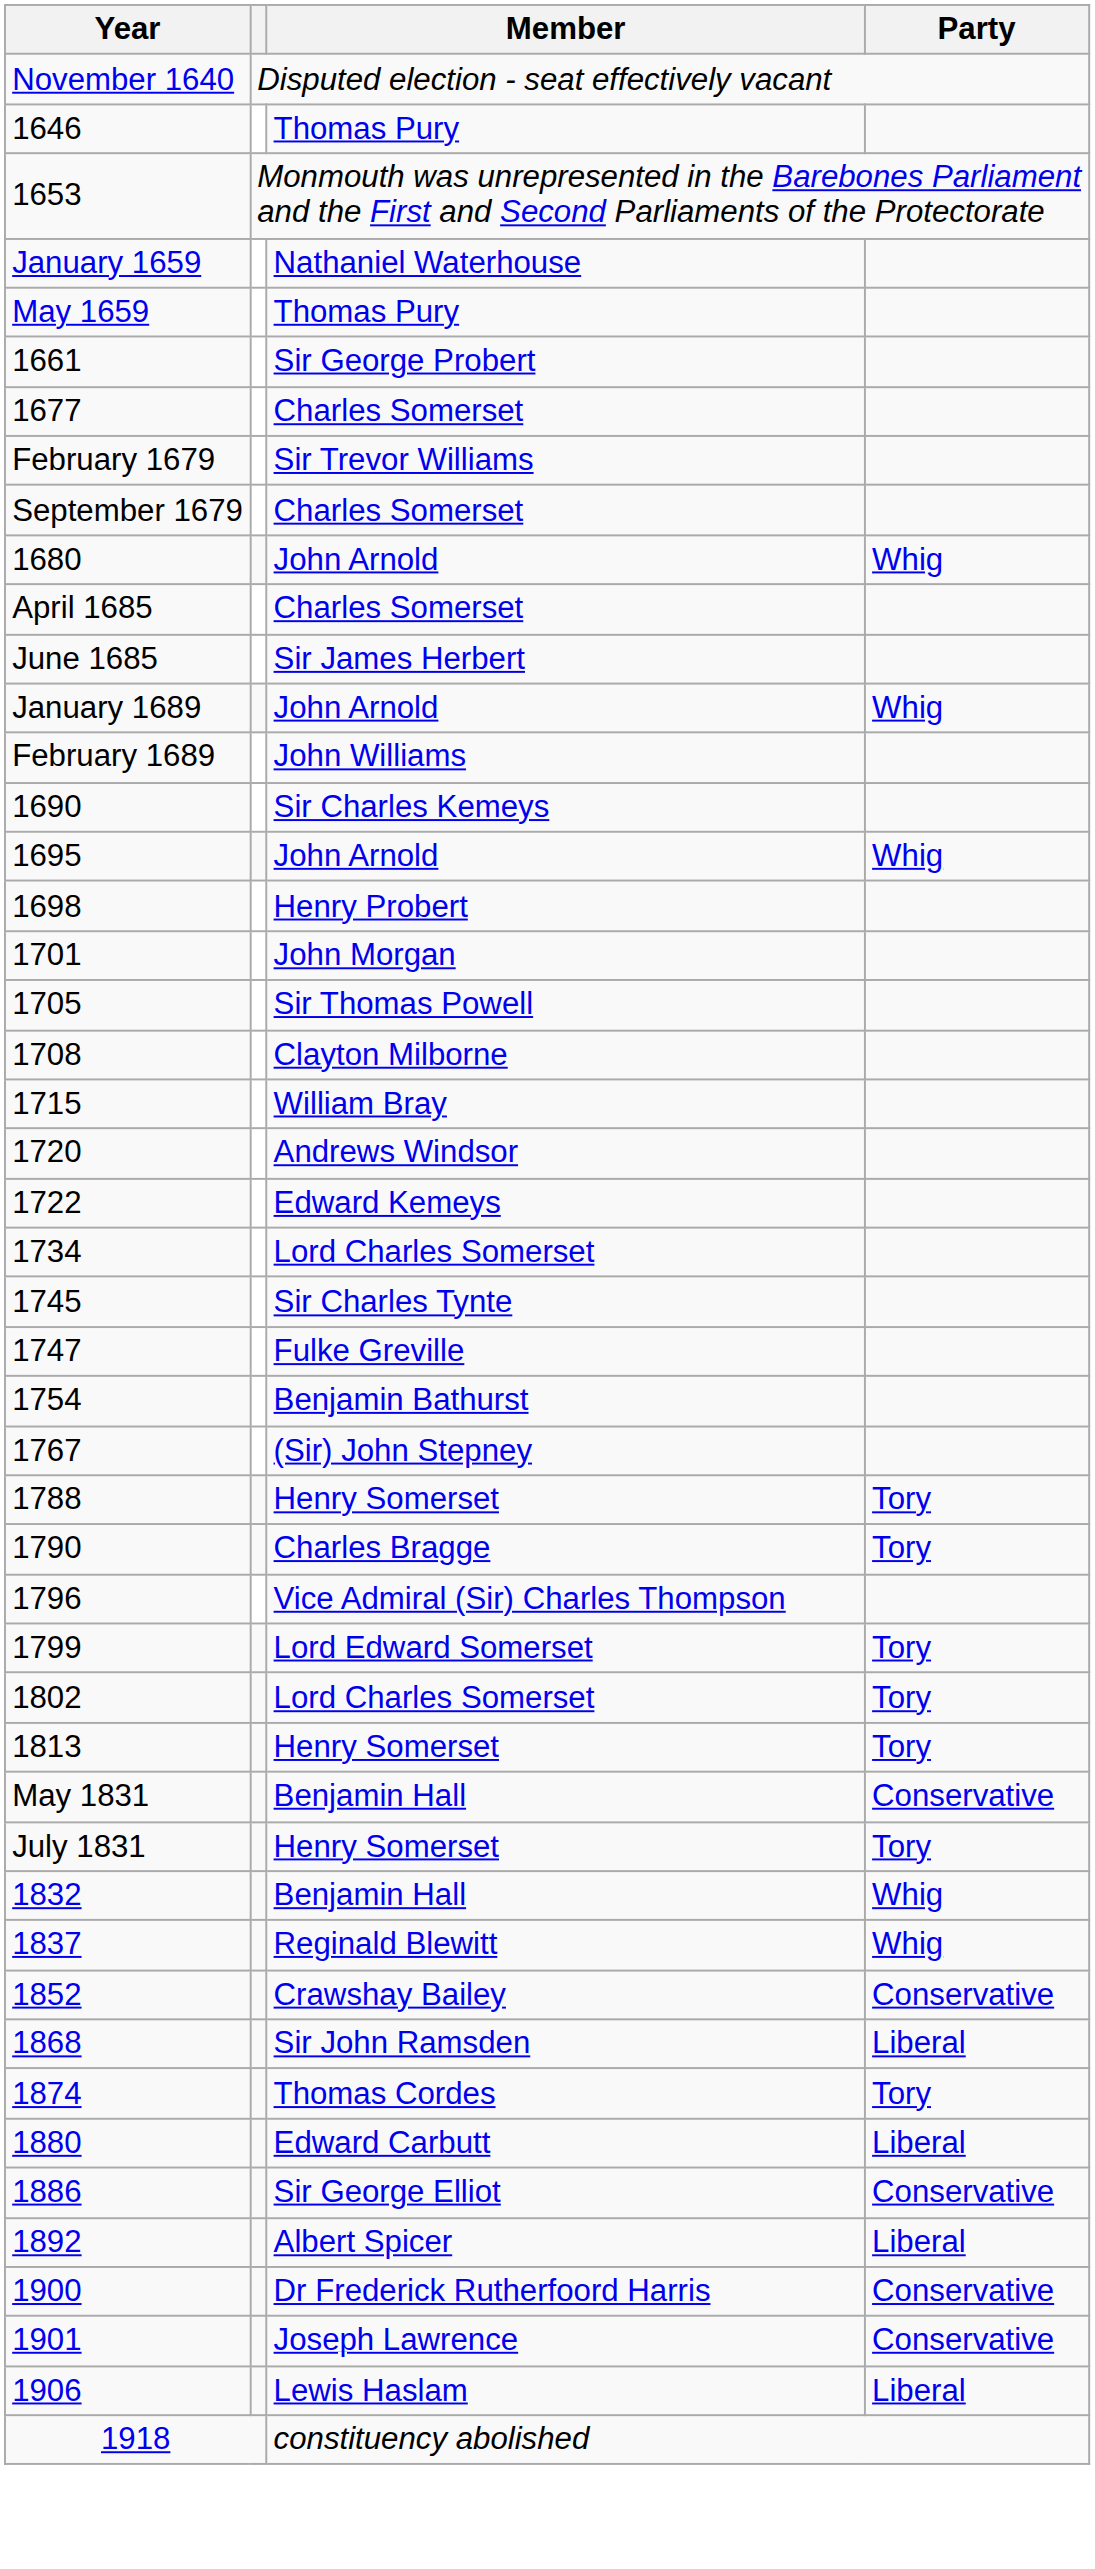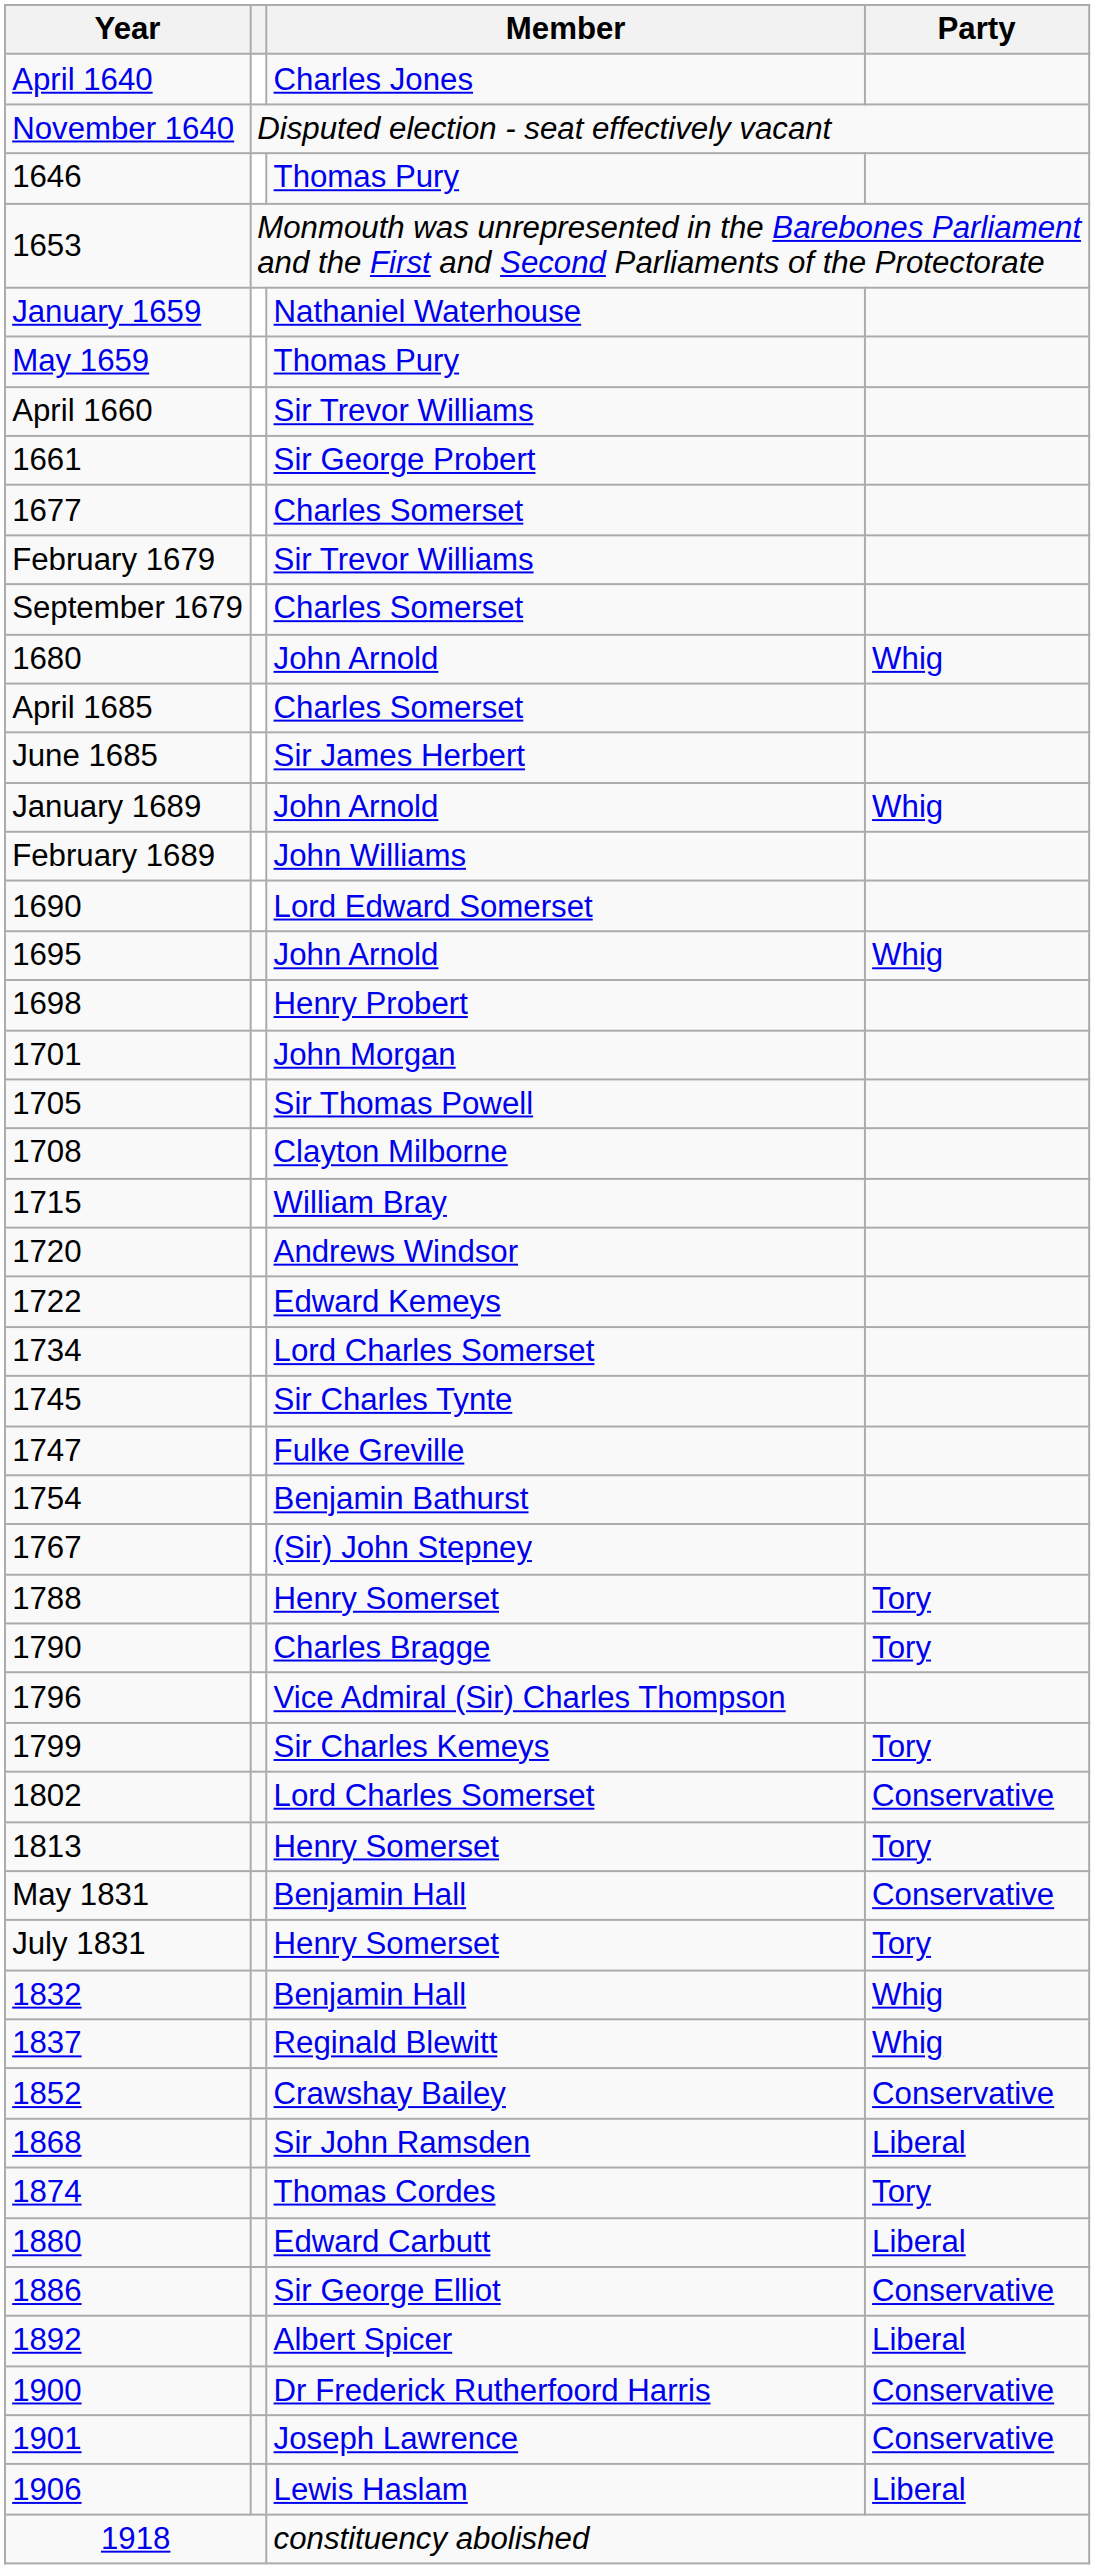 <table class="wikitable">
 <tr>
 <th>Year</th>
 <th></th>
 <th>Member</th>
 <th>Party</th>
+</tr>
+<tr>
+<td><a href='#'>April 1640</a></td>
+<td style="color:inherit;background-color: white"></td>
+<td><a href='#'>Charles Jones</a></td>
+<td></td>
 </tr>
 <tr>
 <td><a href='#'>November 1640</a></td>
 <td colspan="3"><em>Disputed election - seat effectively vacant</em> </td>
 </tr>
 <tr>
 <td>1646</td>
 <td style="color:inherit;background-color: white"></td>
 <td><a href='#'>Thomas Pury</a></td>
 <td></td>
 </tr>
 <tr>
 <td>1653</td>
 <td colspan="3"><em>Monmouth was unrepresented in the <a href='#'>Barebones Parliament</a> <br>and the <a href='#'>First</a> and <a href='#'>Second</a> Parliaments of the Protectorate</em></td>
 </tr>
 <tr>
 <td><a href='#'>January 1659</a></td>
 <td style="color:inherit;background-color: white"></td>
 <td><a href='#'>Nathaniel Waterhouse</a></td>
 <td></td>
 </tr>
 <tr>
 <td><a href='#'>May 1659</a></td>
 <td style="color:inherit;background-color: white"></td>
 <td><a href='#'>Thomas Pury</a></td>
+<td></td>
+</tr>
+<tr>
+<td>April 1660</td>
+<td style="color:inherit;background-color: white"></td>
+<td><a href='#'>Sir Trevor Williams</a></td>
 <td></td>
 </tr>
 <tr>
 <td>1661</td>
 <td style="color:inherit;background-color: white"></td>
 <td><a href='#'>Sir George Probert</a></td>
 <td></td>
 </tr>
 <tr>
 <td>1677</td>
 <td style="color:inherit;background-color: white"></td>
 <td><a href='#'>Charles Somerset</a></td>
 <td></td>
 </tr>
 <tr>
 <td>February 1679</td>
 <td style="color:inherit;background-color: white"></td>
 <td><a href='#'>Sir Trevor Williams</a></td>
 <td></td>
 </tr>
 <tr>
 <td>September 1679</td>
 <td style="color:inherit;background-color: white"></td>
 <td><a href='#'>Charles Somerset</a></td>
 <td></td>
 </tr>
 <tr>
 <td>1680</td>
 <td style="color:inherit;background-color: "></td>
 <td><a href='#'>John Arnold</a></td>
 <td><a href='#'>Whig</a></td>
 </tr>
 <tr>
 <td>April 1685</td>
 <td style="color:inherit;background-color: white"></td>
 <td><a href='#'>Charles Somerset</a></td>
 <td></td>
 </tr>
 <tr>
 <td>June 1685</td>
 <td style="color:inherit;background-color: white"></td>
 <td><a href='#'>Sir James Herbert</a></td>
 <td></td>
 </tr>
 <tr>
 <td>January 1689</td>
 <td style="color:inherit;background-color: "></td>
 <td><a href='#'>John Arnold</a></td>
 <td><a href='#'>Whig</a></td>
 </tr>
 <tr>
 <td>February 1689</td>
 <td style="color:inherit;background-color: white"></td>
 <td><a href='#'>John Williams</a></td>
 <td></td>
 </tr>
 <tr>
 <td>1690</td>
 <td style="color:inherit;background-color: white"></td>
-<td><a href='#'>Sir Charles Kemeys</a></td>
+<td><a href='#'>Lord Edward Somerset</a></td>
 <td></td>
 </tr>
 <tr>
 <td>1695</td>
 <td style="color:inherit;background-color: "></td>
 <td><a href='#'>John Arnold</a></td>
 <td><a href='#'>Whig</a></td>
 </tr>
 <tr>
 <td>1698</td>
 <td style="color:inherit;background-color: white"></td>
 <td><a href='#'>Henry Probert</a></td>
 <td></td>
 </tr>
 <tr>
 <td>1701</td>
 <td style="color:inherit;background-color: white"></td>
 <td><a href='#'>John Morgan</a></td>
 <td></td>
 </tr>
 <tr>
 <td>1705</td>
 <td style="color:inherit;background-color: white"></td>
 <td><a href='#'>Sir Thomas Powell</a></td>
 <td></td>
 </tr>
 <tr>
 <td>1708</td>
 <td style="color:inherit;background-color: white"></td>
 <td><a href='#'>Clayton Milborne</a></td>
 <td></td>
 </tr>
 <tr>
 <td>1715</td>
 <td style="color:inherit;background-color: white"></td>
 <td><a href='#'>William Bray</a></td>
 <td></td>
 </tr>
 <tr>
 <td>1720</td>
 <td style="color:inherit;background-color: white"></td>
 <td><a href='#'>Andrews Windsor</a></td>
 <td></td>
 </tr>
 <tr>
 <td>1722</td>
 <td style="color:inherit;background-color: white"></td>
 <td><a href='#'>Edward Kemeys</a></td>
 <td></td>
 </tr>
 <tr>
 <td>1734</td>
 <td style="color:inherit;background-color: white"></td>
 <td><a href='#'>Lord Charles Somerset</a></td>
 <td></td>
 </tr>
 <tr>
 <td>1745</td>
 <td style="color:inherit;background-color: white"></td>
 <td><a href='#'>Sir Charles Tynte</a></td>
 <td></td>
 </tr>
 <tr>
 <td>1747</td>
 <td style="color:inherit;background-color: white"></td>
 <td><a href='#'>Fulke Greville</a></td>
 <td></td>
 </tr>
 <tr>
 <td>1754</td>
 <td style="color:inherit;background-color: white"></td>
 <td><a href='#'>Benjamin Bathurst</a></td>
 <td></td>
 </tr>
 <tr>
 <td>1767</td>
 <td style="color:inherit;background-color: white"></td>
 <td><a href='#'>(Sir) John Stepney</a></td>
 <td></td>
 </tr>
 <tr>
 <td>1788</td>
 <td style="color:inherit;background-color: "></td>
 <td><a href='#'>Henry Somerset</a></td>
 <td><a href='#'>Tory</a></td>
 </tr>
 <tr>
 <td>1790</td>
 <td style="color:inherit;background-color: "></td>
 <td><a href='#'>Charles Bragge</a></td>
 <td><a href='#'>Tory</a></td>
 </tr>
 <tr>
 <td>1796</td>
 <td style="color:inherit;background-color: white"></td>
 <td><a href='#'>Vice Admiral (Sir) Charles Thompson</a></td>
 <td></td>
 </tr>
 <tr>
 <td>1799</td>
 <td style="color:inherit;background-color: "></td>
-<td><a href='#'>Lord Edward Somerset</a></td>
+<td><a href='#'>Sir Charles Kemeys</a></td>
 <td><a href='#'>Tory</a></td>
 </tr>
 <tr>
 <td>1802</td>
 <td style="color:inherit;background-color: "></td>
 <td><a href='#'>Lord Charles Somerset</a></td>
-<td><a href='#'>Tory</a></td>
+<td><a href='#'>Conservative</a></td>
 </tr>
 <tr>
 <td>1813</td>
 <td style="color:inherit;background-color: "></td>
 <td><a href='#'>Henry Somerset</a></td>
 <td><a href='#'>Tory</a></td>
 </tr>
 <tr>
 <td>May 1831</td>
 <td style="color:inherit;background-color: "></td>
 <td><a href='#'>Benjamin Hall</a></td>
 <td><a href='#'>Conservative</a></td>
 </tr>
 <tr>
 <td>July 1831</td>
 <td style="color:inherit;background-color: "></td>
 <td><a href='#'>Henry Somerset</a></td>
 <td><a href='#'>Tory</a></td>
 </tr>
 <tr>
 <td><a href='#'>1832</a></td>
 <td style="color:inherit;background-color: "></td>
 <td><a href='#'>Benjamin Hall</a></td>
 <td><a href='#'>Whig</a></td>
 </tr>
 <tr>
 <td><a href='#'>1837</a></td>
 <td style="color:inherit;background-color: "></td>
 <td><a href='#'>Reginald Blewitt</a></td>
 <td><a href='#'>Whig</a></td>
 </tr>
 <tr>
 <td><a href='#'>1852</a></td>
 <td style="color:inherit;background-color: "></td>
 <td><a href='#'>Crawshay Bailey</a></td>
 <td><a href='#'>Conservative</a></td>
 </tr>
 <tr>
 <td><a href='#'>1868</a></td>
 <td style="color:inherit;background-color: "></td>
 <td><a href='#'>Sir John Ramsden</a></td>
 <td><a href='#'>Liberal</a></td>
 </tr>
 <tr>
 <td><a href='#'>1874</a></td>
 <td style="color:inherit;background-color: "></td>
 <td><a href='#'>Thomas Cordes</a></td>
 <td><a href='#'>Tory</a></td>
 </tr>
 <tr>
 <td><a href='#'>1880</a></td>
 <td style="color:inherit;background-color: "></td>
 <td><a href='#'>Edward Carbutt</a></td>
 <td><a href='#'>Liberal</a></td>
 </tr>
 <tr>
 <td><a href='#'>1886</a></td>
 <td style="color:inherit;background-color: "></td>
 <td><a href='#'>Sir George Elliot</a></td>
 <td><a href='#'>Conservative</a></td>
 </tr>
 <tr>
 <td><a href='#'>1892</a></td>
 <td style="color:inherit;background-color: "></td>
 <td><a href='#'>Albert Spicer</a></td>
 <td><a href='#'>Liberal</a></td>
 </tr>
 <tr>
 <td><a href='#'>1900</a></td>
 <td style="color:inherit;background-color: "></td>
 <td><a href='#'>Dr Frederick Rutherfoord Harris</a></td>
 <td><a href='#'>Conservative</a></td>
 </tr>
 <tr>
 <td><a href='#'>1901</a></td>
 <td style="color:inherit;background-color: "></td>
 <td><a href='#'>Joseph Lawrence</a></td>
 <td><a href='#'>Conservative</a></td>
 </tr>
 <tr>
 <td><a href='#'>1906</a></td>
 <td style="color:inherit;background-color: "></td>
 <td><a href='#'>Lewis Haslam</a></td>
 <td><a href='#'>Liberal</a></td>
 </tr>
 <tr>
 <td colspan="2" align="center"><a href='#'>1918</a></td>
 <td colspan="2"><em>constituency abolished</em></td>
 </tr>
 </table>
